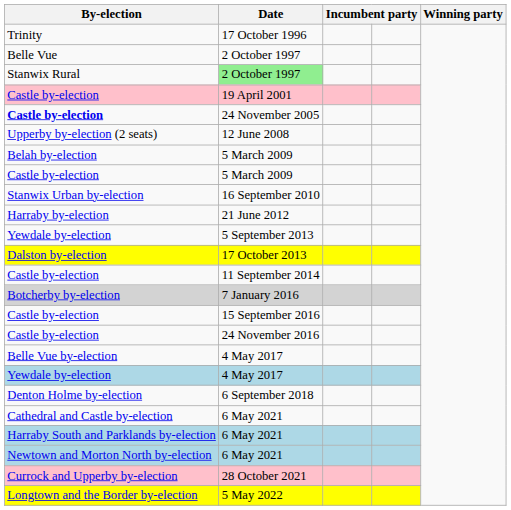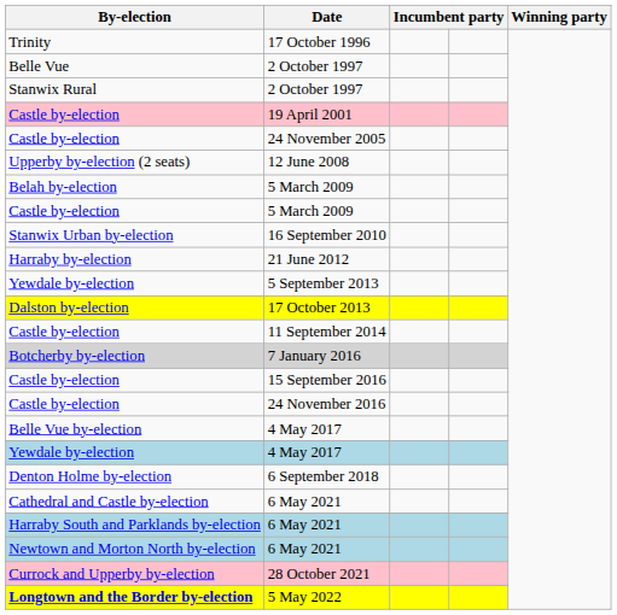 <table class="wikitable">
 <tr>
 <th>By-election</th>
 <th>Date</th>
 <th colspan=2>Incumbent party</th>
 <th colspan=2>Winning party</th>
 </tr>
 <tr>
 <td>Trinity</td>
 <td>17 October 1996</td>
 <td></td>
 <td></td>
 </tr>
 <tr>
 <td>Belle Vue</td>
 <td>2 October 1997</td>
 <td></td>
 <td></td>
 </tr>
 <tr>
 <td>Stanwix Rural</td>
-<td style="background: lightgreen;">2 October 1997</td>
+<td>2 October 1997</td>
 <td></td>
 <td></td>
 </tr>
 <tr bgcolor=pink>
 <td><a href='#'>Castle by-election</a></td>
 <td>19 April 2001</td>
 <td></td>
 <td></td>
 </tr>
 <tr>
-<td><strong><a href='#'>Castle by-election</a></strong></td>
+<td><a href='#'>Castle by-election</a></td>
 <td>24 November 2005</td>
 <td></td>
 <td></td>
 </tr>
 <tr>
 <td><a href='#'>Upperby by-election</a> (2 seats)</td>
 <td>12 June 2008</td>
 <td></td>
 <td></td>
 </tr>
 <tr>
 <td><a href='#'>Belah by-election</a></td>
 <td>5 March 2009</td>
 <td></td>
 <td></td>
 </tr>
 <tr>
 <td><a href='#'>Castle by-election</a></td>
 <td>5 March 2009</td>
 <td></td>
 <td></td>
 </tr>
 <tr>
 <td><a href='#'>Stanwix Urban by-election</a></td>
 <td>16 September 2010</td>
 <td></td>
 <td></td>
 </tr>
 <tr>
 <td><a href='#'>Harraby by-election</a></td>
 <td>21 June 2012</td>
 <td></td>
 <td></td>
 </tr>
 <tr>
 <td><a href='#'>Yewdale by-election</a></td>
 <td>5 September 2013</td>
 <td></td>
 <td></td>
 </tr>
 <tr bgcolor=yellow>
 <td><a href='#'>Dalston by-election</a></td>
 <td>17 October 2013</td>
 <td></td>
 <td></td>
 </tr>
 <tr>
 <td><a href='#'>Castle by-election</a></td>
 <td>11 September 2014</td>
 <td></td>
 <td></td>
 </tr>
 <tr bgcolor=#D3D3D3>
 <td><a href='#'>Botcherby by-election</a></td>
 <td>7 January 2016</td>
 <td></td>
 <td></td>
 </tr>
 <tr>
 <td><a href='#'>Castle by-election</a></td>
 <td>15 September 2016</td>
 <td></td>
 <td></td>
 </tr>
 <tr>
 <td><a href='#'>Castle by-election</a></td>
 <td>24 November 2016</td>
 <td></td>
 <td></td>
 </tr>
 <tr>
 <td><a href='#'>Belle Vue by-election</a></td>
 <td>4 May 2017</td>
 <td></td>
 <td></td>
 </tr>
 <tr bgcolor=lightblue>
 <td><a href='#'>Yewdale by-election</a></td>
 <td>4 May 2017</td>
 <td></td>
 <td></td>
 </tr>
 <tr>
 <td><a href='#'>Denton Holme by-election</a></td>
 <td>6 September 2018</td>
 <td></td>
 <td></td>
 </tr>
 <tr>
 <td><a href='#'>Cathedral and Castle by-election</a></td>
 <td>6 May 2021</td>
 <td></td>
 <td></td>
 </tr>
 <tr bgcolor=lightblue>
 <td><a href='#'>Harraby South and Parklands by-election</a></td>
 <td>6 May 2021</td>
 <td></td>
 <td></td>
 </tr>
 <tr bgcolor=lightblue>
 <td><a href='#'>Newtown and Morton North by-election</a></td>
 <td>6 May 2021</td>
 <td></td>
 <td></td>
 </tr>
 <tr bgcolor=pink>
 <td><a href='#'>Currock and Upperby by-election</a></td>
 <td>28 October 2021</td>
 <td></td>
 <td></td>
 </tr>
 <tr bgcolor=yellow>
-<td><a href='#'>Longtown and the Border by-election</a></td>
+<td><strong><a href='#'>Longtown and the Border by-election</a></strong></td>
 <td>5 May 2022</td>
 <td></td>
 <td></td>
 </tr>
 </table>
